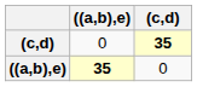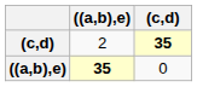 <table class="wikitable" style="text-align: center;">
 <tr>
 <th style="width: 50px;"></th>
 <th style="width: 50px;">((a,b),e)</th>
 <th style="width: 50px;">(c,d)</th>
 </tr>
 <tr>
 <th>(c,d)</th>
-<td>0</td>
+<td>2</td>
 <td style=background:#ffffcc;><strong>35</strong></td>
 </tr>
 <tr>
 <th>((a,b),e)</th>
 <td style=background:#ffffcc;><strong>35</strong></td>
 <td>0</td>
 </tr>
 </table>
